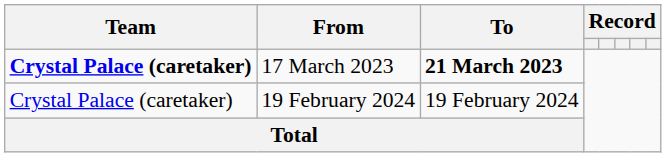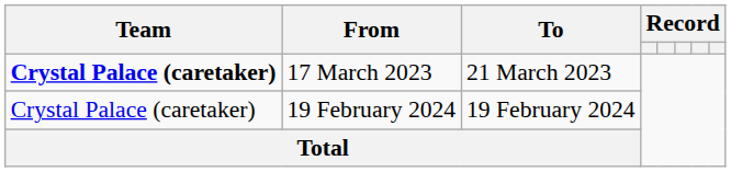 <table class=wikitable style=text-align:center>
 <tr>
 <th rowspan=2>Team</th>
 <th rowspan=2>From</th>
 <th rowspan=2>To</th>
 <th colspan=5>Record</th>
 </tr>
 <tr>
 <th></th>
 <th></th>
 <th></th>
 <th></th>
 <th></th>
 </tr>
 <tr>
 <td align=left><strong><a href='#'>Crystal Palace</a> (caretaker)</strong></td>
 <td align=left>17 March 2023</td>
-<td align=left><strong>21 March 2023<br></strong></td>
+<td align=left>21 March 2023<br></td>
 </tr>
 <tr>
 <td align=left><a href='#'>Crystal Palace</a> (caretaker)</td>
 <td align=left>19 February 2024</td>
 <td align=left>19 February 2024<br></td>
 </tr>
 <tr>
 <th colspan=3>Total<br></th>
 </tr>
 </table>
